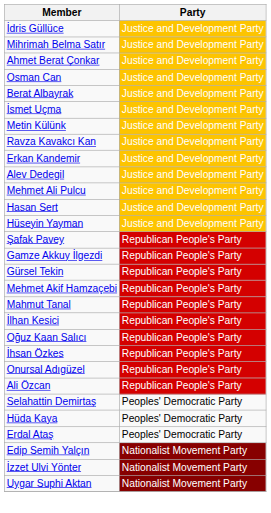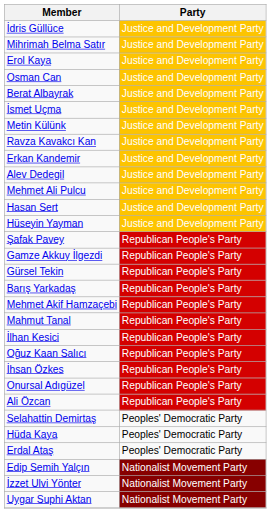 <table class="wikitable">
 <tr>
 <th>Member</th>
 <th>Party</th>
 </tr>
 <tr>
 <td><a href='#'>İdris Güllüce</a></td>
 <td style="background:#FDC400; color:white">Justice and Development Party</td>
 </tr>
 <tr>
 <td><a href='#'>Mihrimah Belma Satır</a></td>
 <td style="background:#FDC400; color:white">Justice and Development Party</td>
 </tr>
 <tr>
-<td><a href='#'>Ahmet Berat Çonkar</a></td>
+<td><a href='#'>Erol Kaya</a></td>
 <td style="background:#FDC400; color:white">Justice and Development Party</td>
 </tr>
 <tr>
 <td><a href='#'>Osman Can</a></td>
 <td style="background:#FDC400; color:white">Justice and Development Party</td>
 </tr>
 <tr>
 <td><a href='#'>Berat Albayrak</a></td>
 <td style="background:#FDC400; color:white">Justice and Development Party</td>
 </tr>
 <tr>
 <td><a href='#'>İsmet Uçma</a></td>
 <td style="background:#FDC400; color:white">Justice and Development Party</td>
 </tr>
 <tr>
 <td><a href='#'>Metin Külünk</a></td>
 <td style="background:#FDC400; color:white">Justice and Development Party</td>
 </tr>
 <tr>
 <td><a href='#'>Ravza Kavakcı Kan</a></td>
 <td style="background:#FDC400; color:white">Justice and Development Party</td>
 </tr>
 <tr>
 <td><a href='#'>Erkan Kandemir</a></td>
 <td style="background:#FDC400; color:white">Justice and Development Party</td>
 </tr>
 <tr>
 <td><a href='#'>Alev Dedegil</a></td>
 <td style="background:#FDC400; color:white">Justice and Development Party</td>
 </tr>
 <tr>
 <td><a href='#'>Mehmet Ali Pulcu</a></td>
 <td style="background:#FDC400; color:white">Justice and Development Party</td>
 </tr>
 <tr>
 <td><a href='#'>Hasan Sert</a></td>
 <td style="background:#FDC400; color:white">Justice and Development Party</td>
 </tr>
 <tr>
 <td><a href='#'>Hüseyin Yayman</a></td>
 <td style="background:#FDC400; color:white">Justice and Development Party</td>
 </tr>
 <tr>
 <td><a href='#'>Şafak Pavey</a></td>
 <td style="background:#D40000; color:white">Republican People's Party</td>
 </tr>
 <tr>
 <td><a href='#'>Gamze Akkuy İlgezdi</a></td>
 <td style="background:#D40000; color:white">Republican People's Party</td>
 </tr>
 <tr>
 <td><a href='#'>Gürsel Tekin</a></td>
+<td style="background:#D40000; color:white">Republican People's Party</td>
+</tr>
+<tr>
+<td><a href='#'>Barış Yarkadaş</a></td>
 <td style="background:#D40000; color:white">Republican People's Party</td>
 </tr>
 <tr>
 <td><a href='#'>Mehmet Akif Hamzaçebi</a></td>
 <td style="background:#D40000; color:white">Republican People's Party</td>
 </tr>
 <tr>
 <td><a href='#'>Mahmut Tanal</a></td>
 <td style="background:#D40000; color:white">Republican People's Party</td>
 </tr>
 <tr>
 <td><a href='#'>İlhan Kesici</a></td>
 <td style="background:#D40000; color:white">Republican People's Party</td>
 </tr>
 <tr>
 <td><a href='#'>Oğuz Kaan Salıcı</a></td>
 <td style="background:#D40000; color:white">Republican People's Party</td>
 </tr>
 <tr>
 <td><a href='#'>İhsan Özkes</a></td>
 <td style="background:#D40000; color:white">Republican People's Party</td>
 </tr>
 <tr>
 <td><a href='#'>Onursal Adıgüzel</a></td>
 <td style="background:#D40000; color:white">Republican People's Party</td>
 </tr>
 <tr>
 <td><a href='#'>Ali Özcan</a></td>
 <td style="background:#D40000; color:white">Republican People's Party</td>
 </tr>
 <tr>
 <td><a href='#'>Selahattin Demirtaş</a></td>
 <td style="background:">Peoples' Democratic Party</td>
 </tr>
 <tr>
 <td><a href='#'>Hüda Kaya</a></td>
 <td style="background:">Peoples' Democratic Party</td>
 </tr>
 <tr>
 <td><a href='#'>Erdal Ataş</a></td>
 <td style="background:">Peoples' Democratic Party</td>
 </tr>
 <tr>
 <td><a href='#'>Edip Semih Yalçın</a></td>
 <td style="background:#870000; color:white">Nationalist Movement Party</td>
 </tr>
 <tr>
 <td><a href='#'>İzzet Ulvi Yönter</a></td>
 <td style="background:#870000; color:white">Nationalist Movement Party</td>
 </tr>
 <tr>
 <td><a href='#'>Uygar Suphi Aktan</a></td>
 <td style="background:#870000; color:white">Nationalist Movement Party</td>
 </tr>
 <tr>
 </tr>
 </table>
